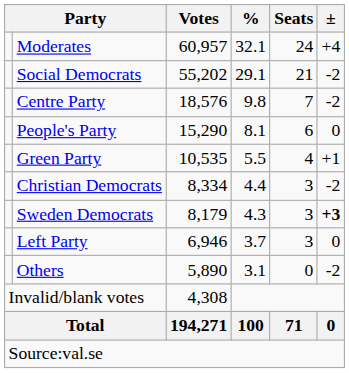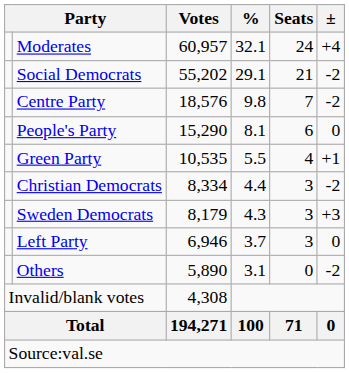 <table class=wikitable style=text-align:right>
 <tr>
 <th colspan=2>Party</th>
 <th>Votes</th>
 <th>%</th>
 <th>Seats</th>
 <th>±</th>
 </tr>
 <tr>
 <td bgcolor=></td>
 <td align=left><a href='#'>Moderates</a></td>
 <td>60,957</td>
 <td>32.1</td>
 <td>24</td>
 <td>+4</td>
 </tr>
 <tr>
 <td bgcolor=></td>
 <td align=left><a href='#'>Social Democrats</a></td>
 <td>55,202</td>
 <td>29.1</td>
 <td>21</td>
 <td>-2</td>
 </tr>
 <tr>
 <td bgcolor=></td>
 <td align=left><a href='#'>Centre Party</a></td>
 <td>18,576</td>
 <td>9.8</td>
 <td>7</td>
 <td>-2</td>
 </tr>
 <tr>
 <td bgcolor=></td>
 <td align=left><a href='#'>People's Party</a></td>
 <td>15,290</td>
 <td>8.1</td>
 <td>6</td>
 <td>0</td>
 </tr>
 <tr>
 <td bgcolor=></td>
 <td align=left><a href='#'>Green Party</a></td>
 <td>10,535</td>
 <td>5.5</td>
 <td>4</td>
 <td>+1</td>
 </tr>
 <tr>
 <td bgcolor=></td>
 <td align=left><a href='#'>Christian Democrats</a></td>
 <td>8,334</td>
 <td>4.4</td>
 <td>3</td>
 <td>-2</td>
 </tr>
 <tr>
 <td bgcolor=></td>
 <td align=left><a href='#'>Sweden Democrats</a></td>
 <td>8,179</td>
 <td>4.3</td>
 <td>3</td>
-<td><strong>+3</strong></td>
+<td>+3</td>
 </tr>
 <tr>
 <td bgcolor=></td>
 <td align=left><a href='#'>Left Party</a></td>
 <td>6,946</td>
 <td>3.7</td>
 <td>3</td>
 <td>0</td>
 </tr>
 <tr>
 <td></td>
 <td align=left><a href='#'>Others</a></td>
 <td>5,890</td>
 <td>3.1</td>
 <td>0</td>
 <td>-2</td>
 </tr>
 <tr>
 <td align=left colspan=2>Invalid/blank votes</td>
 <td>4,308</td>
 <td colspan=3></td>
 </tr>
 <tr>
 <th align=left colspan=2>Total</th>
 <th>194,271</th>
 <th>100</th>
 <th>71</th>
 <th>0</th>
 </tr>
 <tr>
 <td align=left colspan=6>Source:val.se </td>
 </tr>
 </table>
